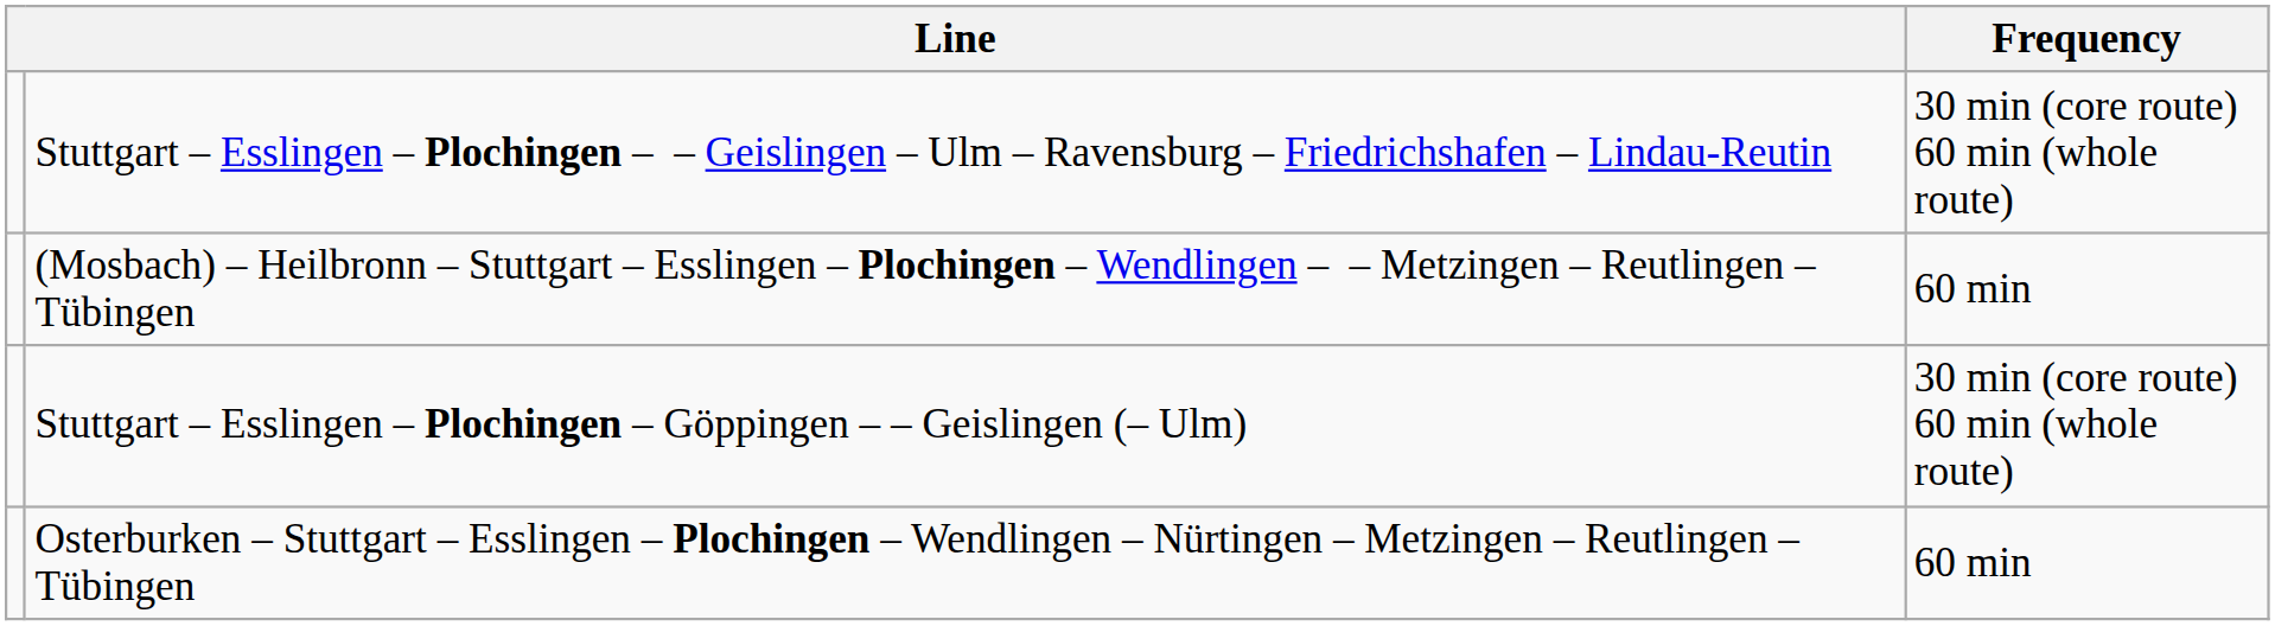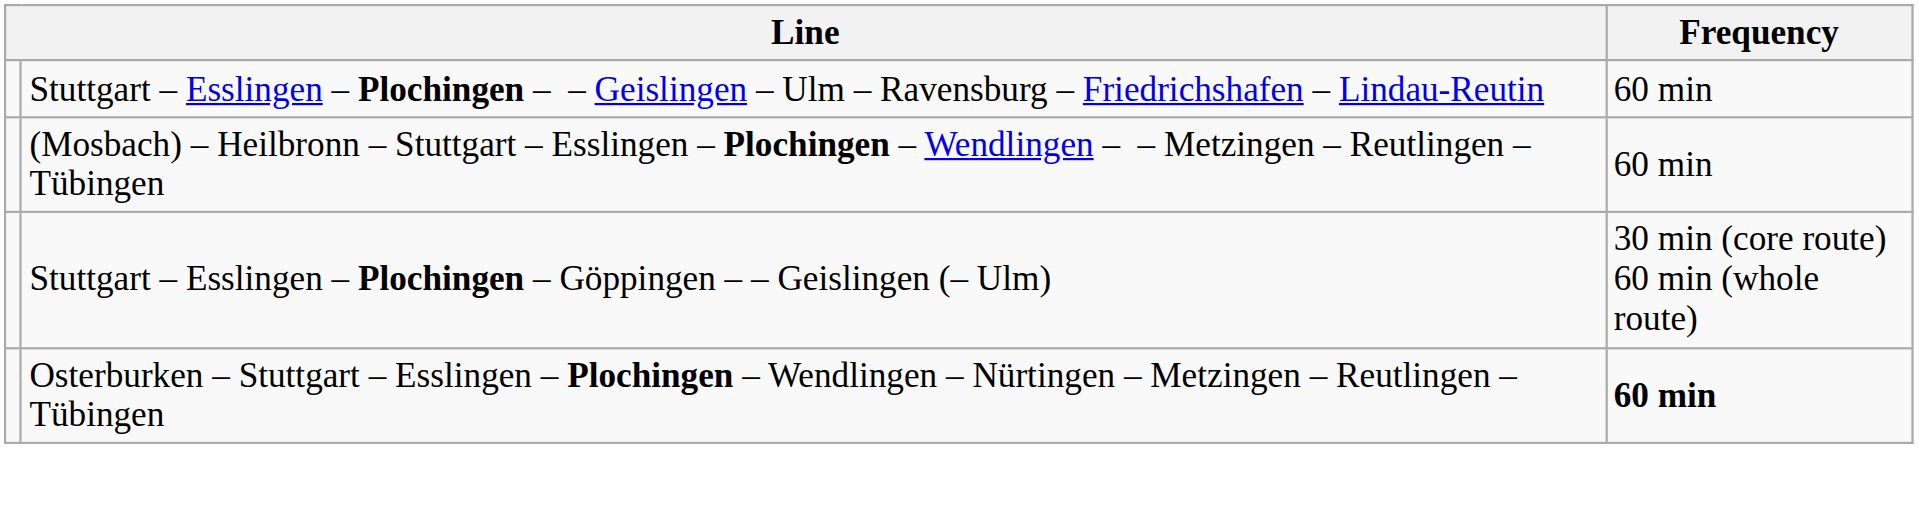 <table class="wikitable">
 <tr>
 <th colspan="2">Line</th>
 <th>Frequency</th>
 </tr>
 <tr>
 <td align="center"></td>
 <td>Stuttgart – <a href='#'>Esslingen</a> – <strong>Plochingen</strong> –  – <a href='#'>Geislingen</a> – Ulm – Ravensburg – <a href='#'>Friedrichshafen</a> – <a href='#'>Lindau-Reutin</a></td>
-<td>30 min (core route)<br>60 min (whole route)</td>
+<td>60 min</td>
 </tr>
 <tr>
 <td align="center"></td>
 <td>(Mosbach) – Heilbronn – Stuttgart –  Esslingen – <strong>Plochingen</strong> – <a href='#'>Wendlingen</a> –  – Metzingen – Reutlingen – Tübingen</td>
 <td>60 min</td>
 </tr>
 <tr>
 <td align="center"></td>
 <td>Stuttgart –  Esslingen – <strong>Plochingen</strong> – Göppingen –  – Geislingen (– Ulm)</td>
 <td>30 min (core route)<br>60 min (whole route)</td>
 </tr>
 <tr>
 <td align="center"></td>
 <td>Osterburken – Stuttgart –  Esslingen – <strong>Plochingen</strong> – Wendlingen – Nürtingen – Metzingen – Reutlingen – Tübingen</td>
-<td>60 min</td>
+<td><strong>60 min</strong></td>
 </tr>
 </table>
